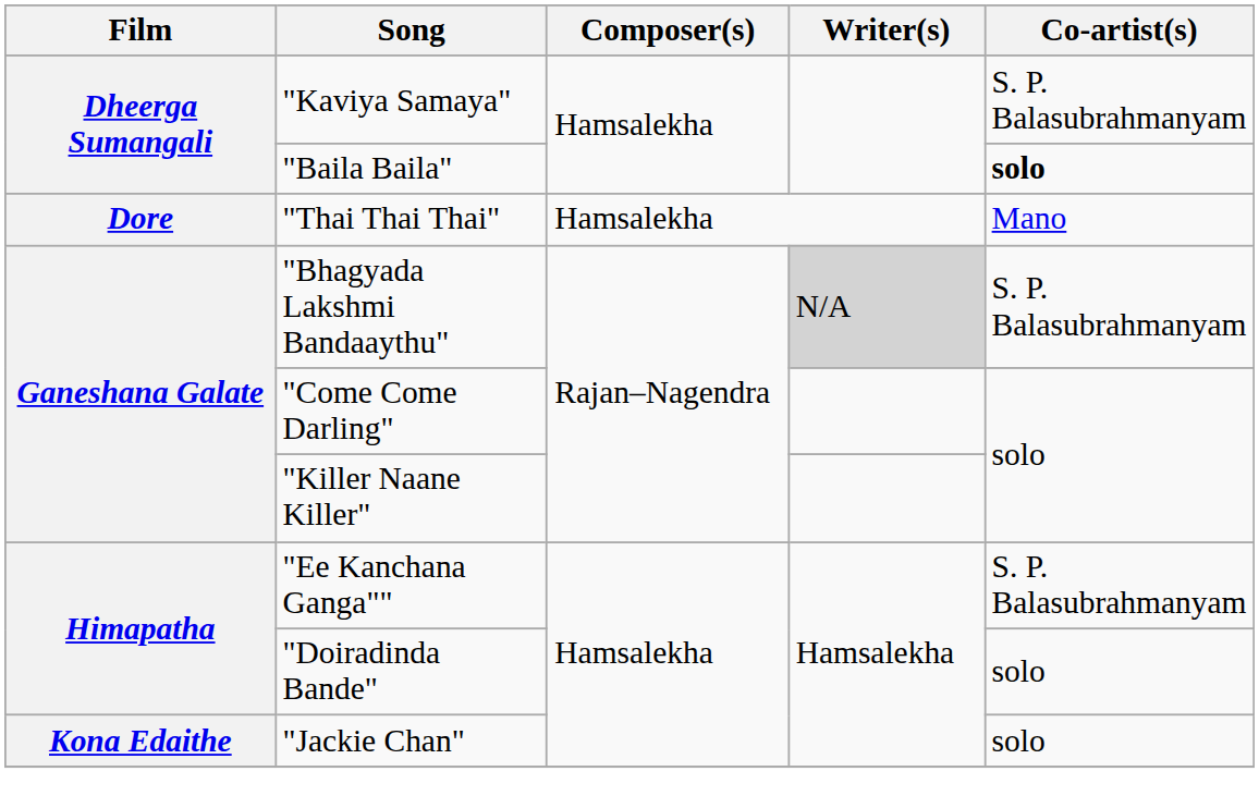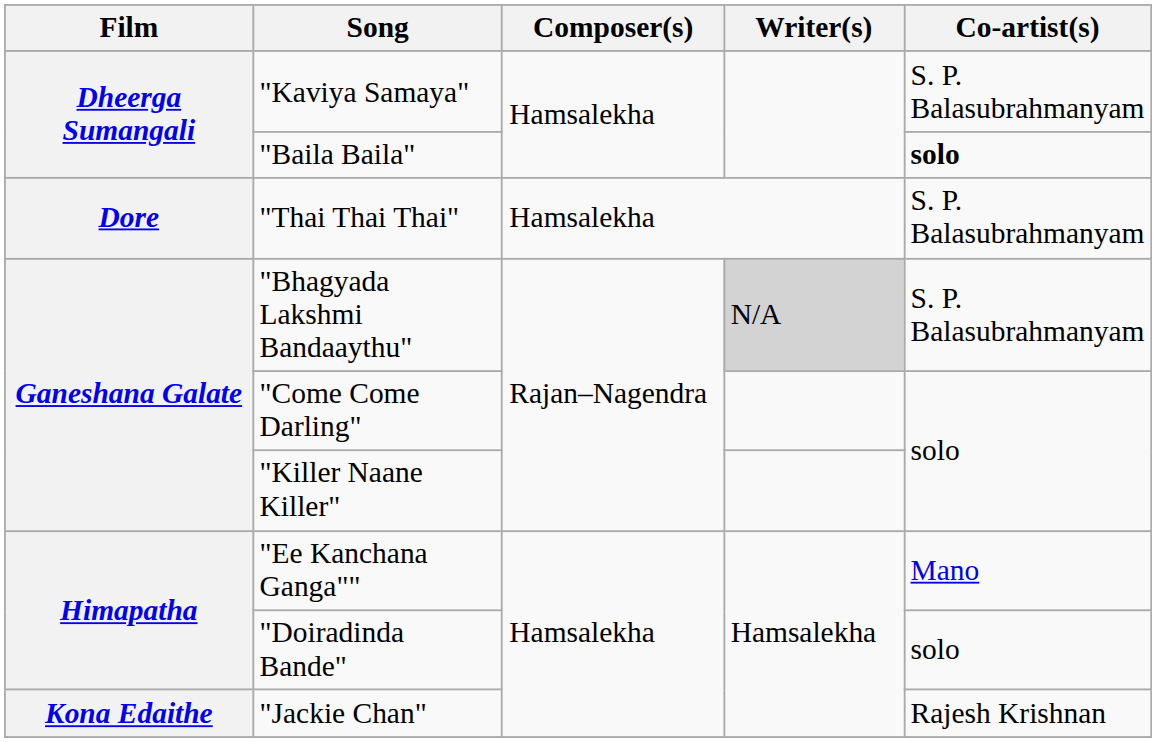 <table class="wikitable plainrowheaders" width="100%" textcolor:#000;">
 <tr style="background:#b0e0e66;">
 <th scope="col" width=23%><strong>Film</strong></th>
 <th scope="col" width=23%><strong>Song</strong></th>
 <th scope="col" width=20%><strong>Composer(s)</strong></th>
 <th scope="col" width=16%><strong>Writer(s)</strong></th>
 <th scope="col" width=18%><strong>Co-artist(s)</strong></th>
 </tr>
 <tr>
 <th Rowspan=2><em><a href='#'>Dheerga Sumangali</a></em></th>
 <td>"Kaviya Samaya"</td>
 <td rowspan=2>Hamsalekha</td>
 <td rowspan=2></td>
 <td>S. P. Balasubrahmanyam</td>
 </tr>
 <tr>
 <td>"Baila Baila"</td>
 <td><strong>solo</strong></td>
 </tr>
 <tr>
 <th Rowspan=><em><a href='#'>Dore</a></em></th>
 <td>"Thai Thai Thai"</td>
 <td colspan=2>Hamsalekha</td>
-<td><a href='#'>Mano</a></td>
+<td>S. P. Balasubrahmanyam</td>
 </tr>
 <tr>
 <th Rowspan=3><em><a href='#'>Ganeshana Galate</a></em></th>
 <td>"Bhagyada Lakshmi Bandaaythu"</td>
 <td rowspan=3>Rajan–Nagendra</td>
 <td roespan=3 style="background: lightgrey;">N/A</td>
 <td>S. P. Balasubrahmanyam</td>
 </tr>
 <tr>
 <td>"Come Come Darling"</td>
 <td></td>
 <td rowspan=2>solo</td>
 </tr>
 <tr>
 <td>"Killer Naane Killer"</td>
 </tr>
 <tr>
 <th rowspan=2><em><a href='#'>Himapatha</a></em></th>
 <td>"Ee Kanchana Ganga""</td>
 <td rowspan=3>Hamsalekha</td>
 <td rowspan=3>Hamsalekha</td>
-<td>S. P. Balasubrahmanyam</td>
+<td><a href='#'>Mano</a></td>
 </tr>
 <tr>
 <td>"Doiradinda Bande"</td>
 <td>solo</td>
 </tr>
 <tr>
 <th><em><a href='#'>Kona Edaithe</a></em></th>
 <td>"Jackie Chan"</td>
-<td>solo</td>
+<td>Rajesh Krishnan</td>
 </tr>
 <tr>
 </tr>
 </table>
